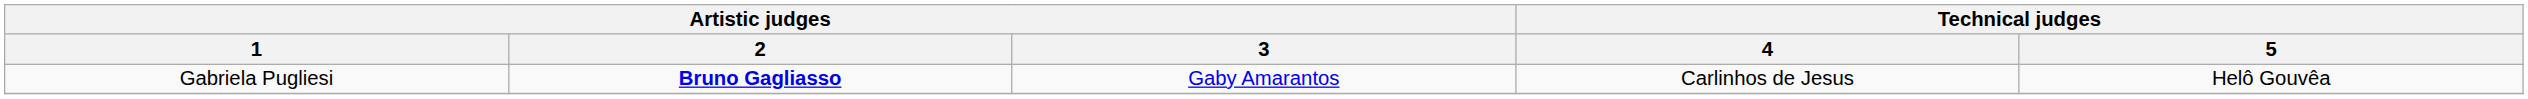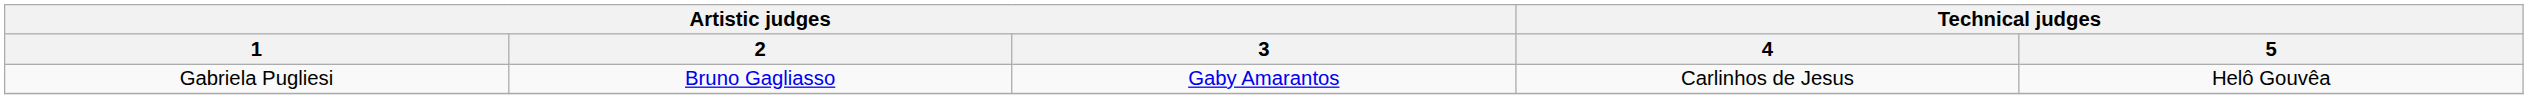 <table class="wikitable" style="font-size:100%; line-height:16px; text-align:center" width="100%">
 <tr>
 <th colspan=3>Artistic judges</th>
 <th colspan=2>Technical judges</th>
 </tr>
 <tr>
 <th style="width:20.0%;">1</th>
 <th style="width:20.0%;">2</th>
 <th style="width:20.0%;">3</th>
 <th style="width:20.0%;">4</th>
 <th style="width:20.0%;">5</th>
 </tr>
 <tr>
 <td>Gabriela Pugliesi</td>
-<td><strong><a href='#'>Bruno Gagliasso</a></strong></td>
+<td><a href='#'>Bruno Gagliasso</a></td>
 <td><a href='#'>Gaby Amarantos</a></td>
 <td>Carlinhos de Jesus</td>
 <td>Helô Gouvêa</td>
 </tr>
 <tr>
 </tr>
 </table>
